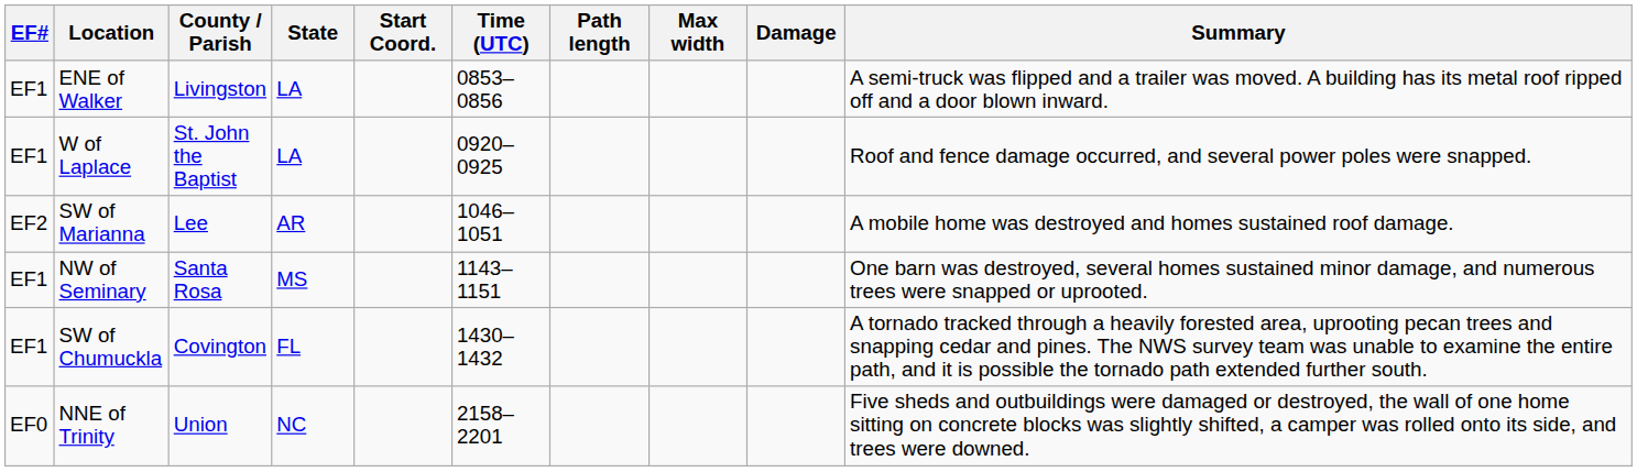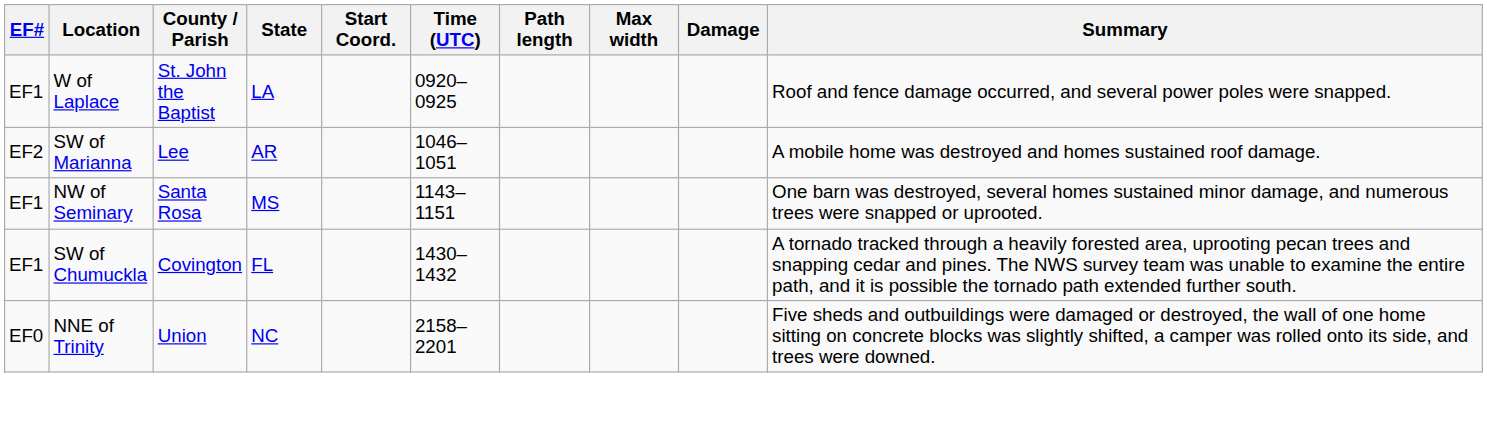 <table class="wikitable sortable" style="width:100%;">
 <tr>
 <th scope="col"  style="width:3%; text-align:center;"><a href='#'>EF#</a></th>
 <th scope="col"  style="width:7%; text-align:center;" class="unsortable">Location</th>
 <th scope="col"  style="width:6%; text-align:center;" class="unsortable">County / Parish</th>
 <th scope="col"  style="width:5%; text-align:center;">State</th>
 <th scope="col"  style="width:6%; text-align:center;">Start Coord.</th>
 <th scope="col"  style="width:6%; text-align:center;">Time (<a href='#'>UTC</a>)</th>
 <th scope="col"  style="width:6%; text-align:center;">Path length</th>
 <th scope="col"  style="width:6%; text-align:center;">Max width</th>
 <th scope="col"  style="width:6%; text-align:center;">Damage</th>
 <th scope="col" class="unsortable" style="width:48%; text-align:center;">Summary</th>
-</tr>
-<tr>
-<td>EF1</td>
-<td>ENE of <a href='#'>Walker</a></td>
-<td><a href='#'>Livingston</a></td>
-<td><a href='#'>LA</a></td>
-<td></td>
-<td>0853–0856</td>
-<td></td>
-<td></td>
-<td></td>
-<td>A semi-truck was flipped and a trailer was moved. A building has its metal roof ripped off and a door blown inward.</td>
 </tr>
 <tr>
 <td>EF1</td>
 <td>W of <a href='#'>Laplace</a></td>
 <td><a href='#'>St. John the Baptist</a></td>
 <td><a href='#'>LA</a></td>
 <td></td>
 <td>0920–0925</td>
 <td></td>
 <td></td>
 <td></td>
 <td>Roof and fence damage occurred, and several power poles were snapped.</td>
 </tr>
 <tr>
 <td>EF2</td>
 <td>SW of <a href='#'>Marianna</a></td>
 <td><a href='#'>Lee</a></td>
 <td><a href='#'>AR</a></td>
 <td></td>
 <td>1046–1051</td>
 <td></td>
 <td></td>
 <td></td>
 <td>A mobile home was destroyed and homes sustained roof damage.</td>
 </tr>
 <tr>
 <td>EF1</td>
 <td>NW of <a href='#'>Seminary</a></td>
 <td><a href='#'>Santa Rosa</a></td>
 <td><a href='#'>MS</a></td>
 <td></td>
 <td>1143–1151</td>
 <td></td>
 <td></td>
 <td></td>
 <td>One barn was destroyed, several homes sustained minor damage, and numerous trees were snapped or uprooted.</td>
 </tr>
 <tr>
 <td>EF1</td>
 <td>SW of <a href='#'>Chumuckla</a></td>
 <td><a href='#'>Covington</a></td>
 <td><a href='#'>FL</a></td>
 <td></td>
 <td>1430–1432</td>
 <td></td>
 <td></td>
 <td></td>
 <td>A tornado tracked through a heavily forested area, uprooting pecan trees and snapping cedar and pines. The NWS survey team was unable to examine the entire path, and it is possible the tornado path extended further south.</td>
 </tr>
 <tr>
 <td>EF0</td>
 <td>NNE of <a href='#'>Trinity</a></td>
 <td><a href='#'>Union</a></td>
 <td><a href='#'>NC</a></td>
 <td></td>
 <td>2158–2201</td>
 <td></td>
 <td></td>
 <td></td>
 <td>Five sheds and outbuildings were damaged or destroyed, the wall of one home sitting on concrete blocks was slightly shifted, a camper was rolled onto its side, and trees were downed.</td>
 </tr>
 </table>
